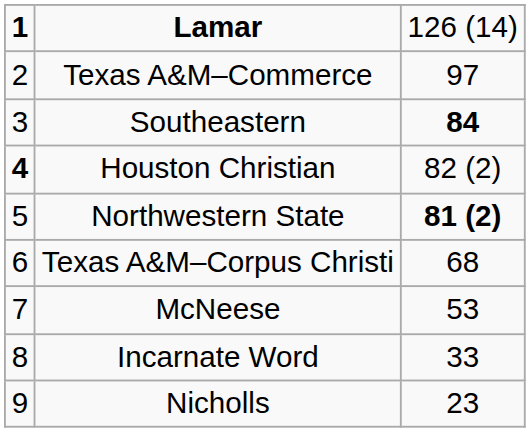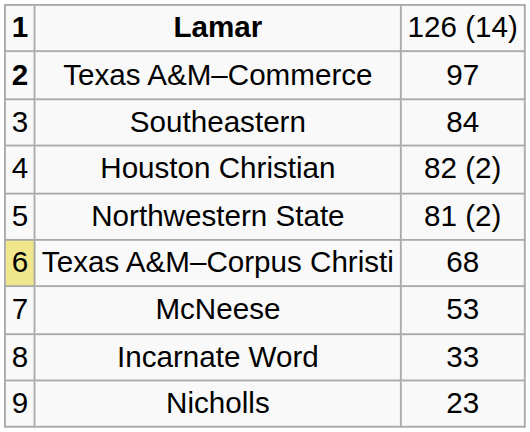 <table class="wikitable">
 <tr align="center">
 <td><strong>1</strong></td>
 <td><strong>Lamar</strong></td>
 <td>126 (14)</td>
 </tr>
 <tr align="center">
-<td>2</td>
+<td><strong>2</strong></td>
 <td>Texas A&M–Commerce</td>
 <td>97</td>
 </tr>
 <tr align="center">
 <td>3</td>
 <td>Southeastern</td>
-<td><strong>84</strong></td>
+<td>84</td>
 </tr>
 <tr align="center">
-<td><strong>4</strong></td>
+<td>4</td>
 <td>Houston Christian</td>
 <td>82 (2)</td>
 </tr>
 <tr align="center">
 <td>5</td>
 <td>Northwestern State</td>
-<td><strong>81 (2)</strong></td>
+<td>81 (2)</td>
 </tr>
 <tr align="center">
-<td>6</td>
+<td style="background: khaki;">6</td>
 <td>Texas A&M–Corpus Christi</td>
 <td>68</td>
 </tr>
 <tr align="center">
 <td>7</td>
 <td>McNeese</td>
 <td>53</td>
 </tr>
 <tr align="center">
 <td>8</td>
 <td>Incarnate Word</td>
 <td>33</td>
 </tr>
 <tr align="center">
 <td>9</td>
 <td>Nicholls</td>
 <td>23</td>
 </tr>
 </table>
